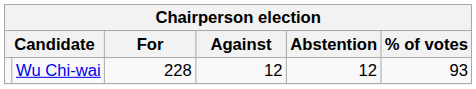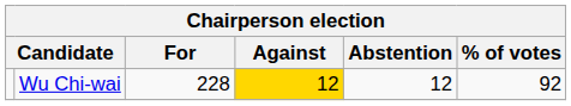 <table class="wikitable" style="text-align:right">
 <tr>
 <th colspan=6>Chairperson election</th>
 </tr>
 <tr>
 <th colspan=2>Candidate</th>
 <th width=80px>For</th>
 <th width=80px>Against</th>
 <th width=80px>Abstention</th>
 <th>% of votes</th>
 </tr>
 <tr>
 <td></td>
 <td align=left><a href='#'>Wu Chi-wai</a></td>
 <td>228</td>
+<td style="background: gold;">12</td>
 <td>12</td>
-<td>12</td>
-<td>93</td>
+<td>92</td>
 </tr>
 <tr>
 </tr>
 </table>
